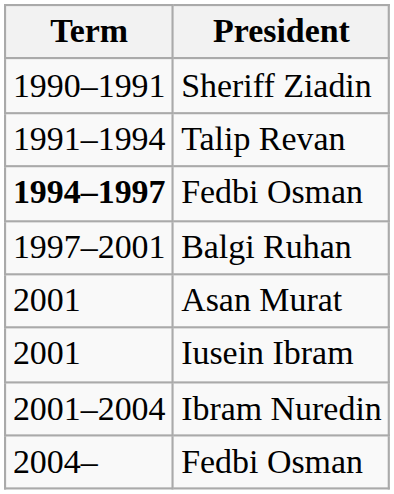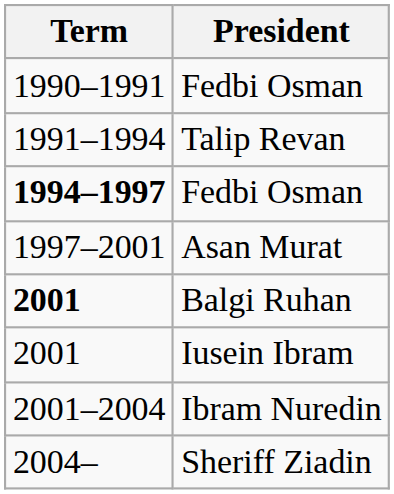 <table class=wikitable>
 <tr>
 <th>Term</th>
 <th>President</th>
 </tr>
 <tr>
 <td>1990–1991</td>
-<td>Sheriff Ziadin</td>
+<td>Fedbi Osman</td>
 </tr>
 <tr>
 <td>1991–1994</td>
 <td>Talip Revan</td>
 </tr>
 <tr>
 <td><strong>1994–1997</strong></td>
 <td>Fedbi Osman</td>
 </tr>
 <tr>
 <td>1997–2001</td>
-<td>Balgi Ruhan</td>
+<td>Asan Murat</td>
 </tr>
 <tr>
-<td>2001</td>
-<td>Asan Murat</td>
+<td><strong>2001</strong></td>
+<td>Balgi Ruhan</td>
 </tr>
 <tr>
 <td>2001</td>
 <td>Iusein Ibram</td>
 </tr>
 <tr>
 <td>2001–2004</td>
 <td>Ibram Nuredin</td>
 </tr>
 <tr>
 <td>2004–</td>
-<td>Fedbi Osman</td>
+<td>Sheriff Ziadin</td>
 </tr>
 </table>
